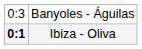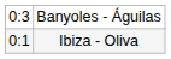 <table class="wikitable">
 <tr align=center bgcolor=white>
 <td>0:3</td>
 <td>Banyoles - Águilas</td>
 </tr>
 <tr align=center bgcolor=#F5F5F5>
-<td><strong>0:1</strong></td>
+<td>0:1</td>
 <td>Ibiza - Oliva</td>
 </tr>
 </table>
